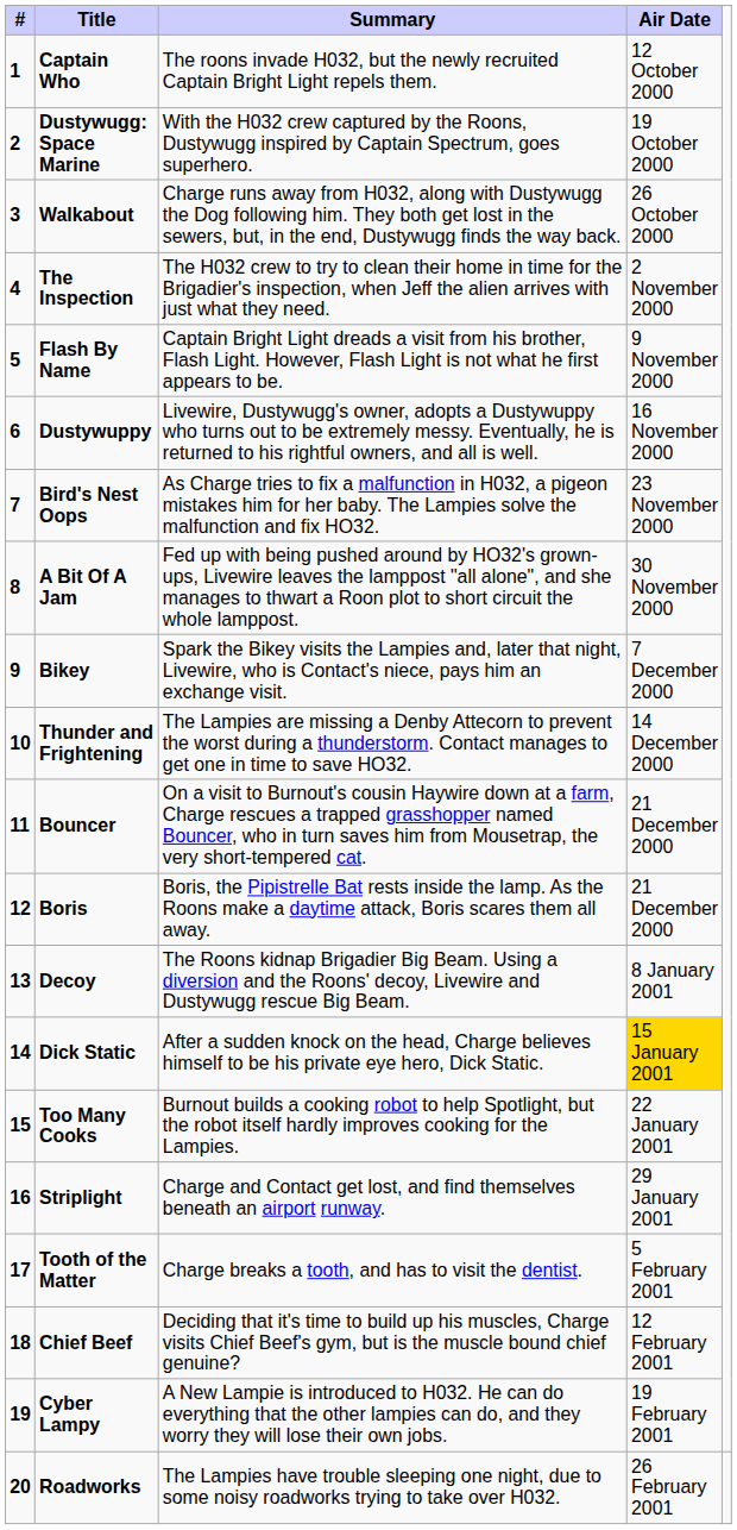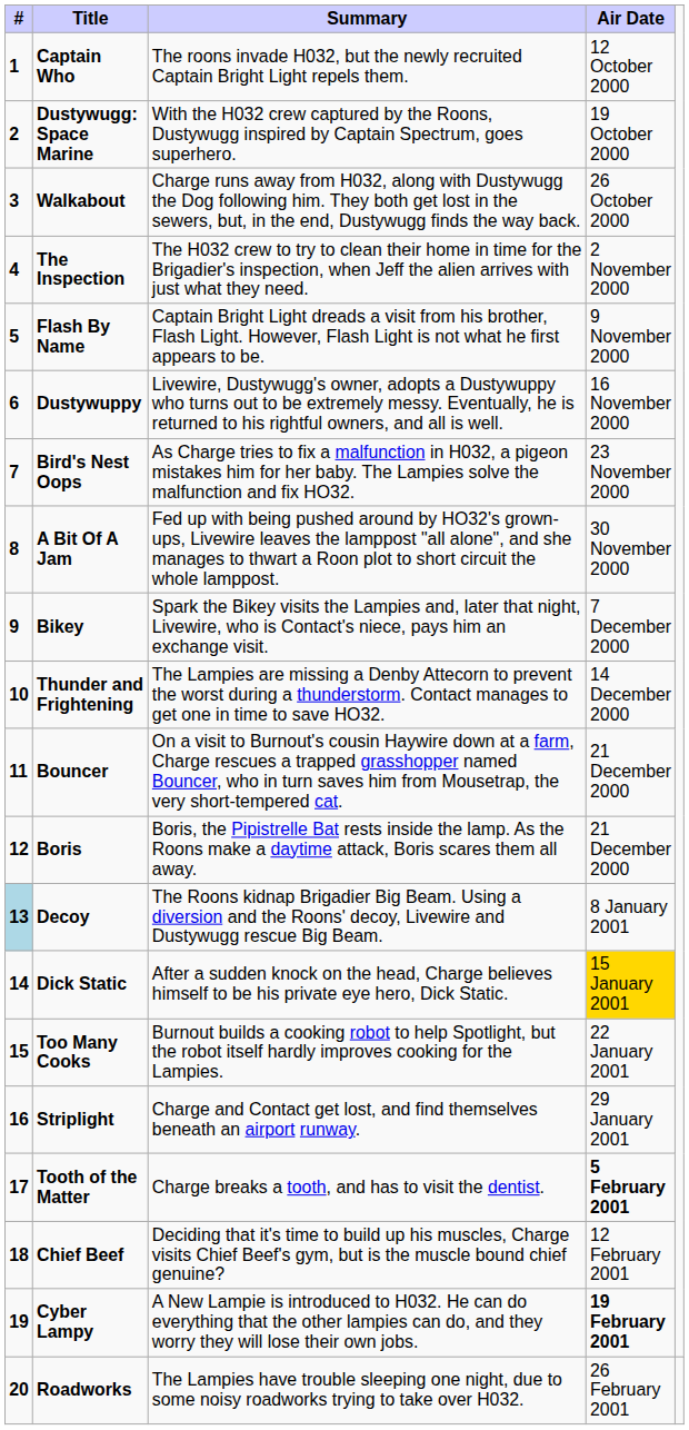 <table class="wikitable" style="width:99%;">
 <tr>
 <th style="background:#ccf; width:2%;"><strong>#</strong></th>
 <th style="background:#ccf; width:17%;"><strong>Title</strong></th>
 <th style="background:#ccf;"><strong>Summary</strong></th>
 <th style="background:#ccf; width:9%;"><strong>Air Date</strong></th>
 </tr>
 <tr 12 October 2000>
 <td><strong>1</strong></td>
 <td><strong>Captain Who</strong></td>
 <td>The roons invade H032, but the newly recruited Captain Bright Light repels them.</td>
 <td>12 October 2000</td>
 </tr>
 <tr 19 October 2000>
 <td><strong>2</strong></td>
 <td><strong>Dustywugg: Space Marine</strong></td>
 <td>With the H032 crew captured by the Roons, Dustywugg inspired by Captain Spectrum, goes superhero.</td>
 <td>19 October 2000</td>
 </tr>
 <tr 26 October 2000>
 <td><strong>3</strong></td>
 <td><strong>Walkabout</strong></td>
 <td>Charge runs away from H032, along with Dustywugg the Dog following him. They both get lost in the sewers, but, in the end, Dustywugg finds the way back.</td>
 <td>26 October 2000</td>
 </tr>
 <tr 2 November 2000>
 <td><strong>4</strong></td>
 <td><strong>The Inspection</strong></td>
 <td>The H032 crew to try to clean their home in time for the Brigadier's inspection, when Jeff the alien arrives with just what they need.</td>
 <td>2 November 2000</td>
 </tr>
 <tr 9 November 2000>
 <td><strong>5</strong></td>
 <td><strong>Flash By Name</strong></td>
 <td>Captain Bright Light dreads a visit from his brother, Flash Light. However, Flash Light is not what he first appears to be.</td>
 <td>9 November 2000</td>
 </tr>
 <tr 16 November 2000>
 <td><strong>6</strong></td>
 <td><strong>Dustywuppy</strong></td>
 <td>Livewire, Dustywugg's owner, adopts a Dustywuppy who turns out to be extremely messy. Eventually, he is returned to his rightful owners, and all is well.</td>
 <td>16 November 2000</td>
 </tr>
 <tr 23 November 2000>
 <td><strong>7</strong></td>
 <td><strong>Bird's Nest Oops</strong></td>
 <td>As Charge tries to fix a <a href='#'>malfunction</a> in H032, a pigeon mistakes him for her baby. The Lampies solve the malfunction and fix HO32.</td>
 <td>23 November 2000</td>
 </tr>
 <tr 30 November 2000>
 <td><strong>8</strong></td>
 <td><strong>A Bit Of A Jam</strong></td>
 <td>Fed up with being pushed around by HO32's grown-ups, Livewire leaves the lamppost "all alone", and she manages to thwart a Roon plot to short circuit the whole lamppost.</td>
 <td>30 November 2000</td>
 </tr>
 <tr 7 December 2000>
 <td><strong>9</strong></td>
 <td><strong>Bikey</strong></td>
 <td>Spark the Bikey visits the Lampies and, later that night, Livewire, who is Contact's niece, pays him an exchange visit.</td>
 <td>7 December 2000</td>
 </tr>
 <tr 14 December 2000>
 <td><strong>10</strong></td>
 <td><strong>Thunder and Frightening</strong></td>
 <td>The Lampies are missing a Denby Attecorn to prevent the worst during a <a href='#'>thunderstorm</a>. Contact manages to get one in time to save HO32.</td>
 <td>14 December 2000</td>
 </tr>
 <tr 21 December 2000>
 <td><strong>11</strong></td>
 <td><strong>Bouncer</strong></td>
 <td>On a visit to Burnout's cousin Haywire down at a <a href='#'>farm</a>, Charge rescues a trapped <a href='#'>grasshopper</a> named <a href='#'>Bouncer</a>, who in turn saves him from Mousetrap, the very short-tempered <a href='#'>cat</a>.</td>
 <td>21 December 2000</td>
 </tr>
 <tr 21 December 2000>
 <td><strong>12</strong></td>
 <td><strong>Boris</strong></td>
 <td>Boris, the <a href='#'>Pipistrelle Bat</a> rests inside the lamp. As the Roons make a <a href='#'>daytime</a> attack, Boris scares them all away.</td>
 <td>21 December 2000</td>
 </tr>
 <tr 8 January 2001>
-<td><strong>13</strong></td>
+<td style="background: lightblue;"><strong>13</strong></td>
 <td><strong>Decoy</strong></td>
 <td>The Roons kidnap Brigadier Big Beam. Using a <a href='#'>diversion</a> and the Roons' decoy, Livewire and Dustywugg rescue Big Beam.</td>
 <td>8 January 2001</td>
 </tr>
 <tr 15 January 2001>
 <td><strong>14</strong></td>
 <td><strong>Dick Static</strong></td>
 <td>After a sudden knock on the head, Charge believes himself to be his private eye hero, Dick Static.</td>
 <td style="background: gold;">15 January 2001</td>
 </tr>
 <tr 22 January 2001>
 <td><strong>15</strong></td>
 <td><strong>Too Many Cooks</strong></td>
 <td>Burnout builds a cooking <a href='#'>robot</a> to help Spotlight, but the robot itself hardly improves cooking for the Lampies.</td>
 <td>22 January 2001</td>
 </tr>
 <tr 29 January 2001>
 <td><strong>16</strong></td>
 <td><strong>Striplight</strong></td>
 <td>Charge and Contact get lost, and find themselves beneath an <a href='#'>airport</a> <a href='#'>runway</a>.</td>
 <td>29 January 2001</td>
 </tr>
 <tr 5 February 2001>
 <td><strong>17</strong></td>
 <td><strong>Tooth of the Matter</strong></td>
 <td>Charge breaks a <a href='#'>tooth</a>, and has to visit the <a href='#'>dentist</a>.</td>
-<td>5 February 2001</td>
+<td><strong>5 February 2001</strong></td>
 </tr>
 <tr 12 February 2001>
 <td><strong>18</strong></td>
 <td><strong>Chief Beef</strong></td>
 <td>Deciding that it's time to build up his muscles, Charge visits Chief Beef's gym, but is the muscle bound chief genuine?</td>
 <td>12 February 2001</td>
 </tr>
 <tr 19 February 2001>
 <td><strong>19</strong></td>
 <td><strong>Cyber Lampy</strong></td>
 <td>A New Lampie is introduced to H032. He can do everything that the other lampies can do, and they worry they will lose their own jobs.</td>
-<td>19 February 2001</td>
+<td><strong>19 February 2001</strong></td>
 </tr>
 <tr 26 February 2001>
 <td><strong>20</strong></td>
 <td><strong>Roadworks </strong></td>
 <td>The Lampies have trouble sleeping one night, due to some noisy roadworks trying to take over H032.</td>
 <td>26 February 2001</td>
 <td></td>
 </tr>
 </table>
